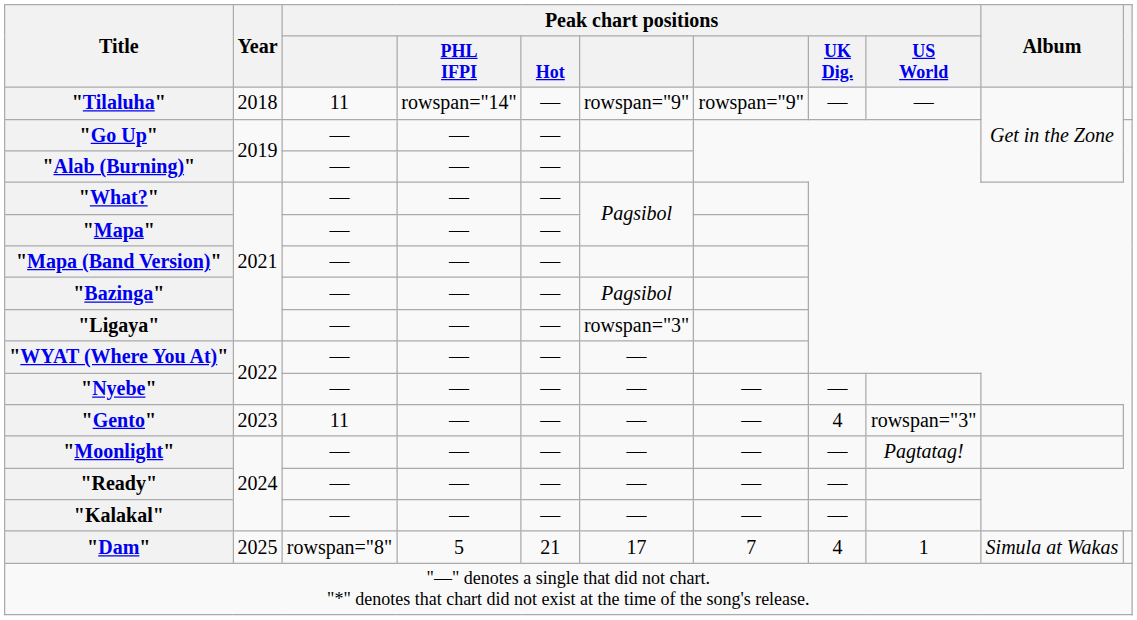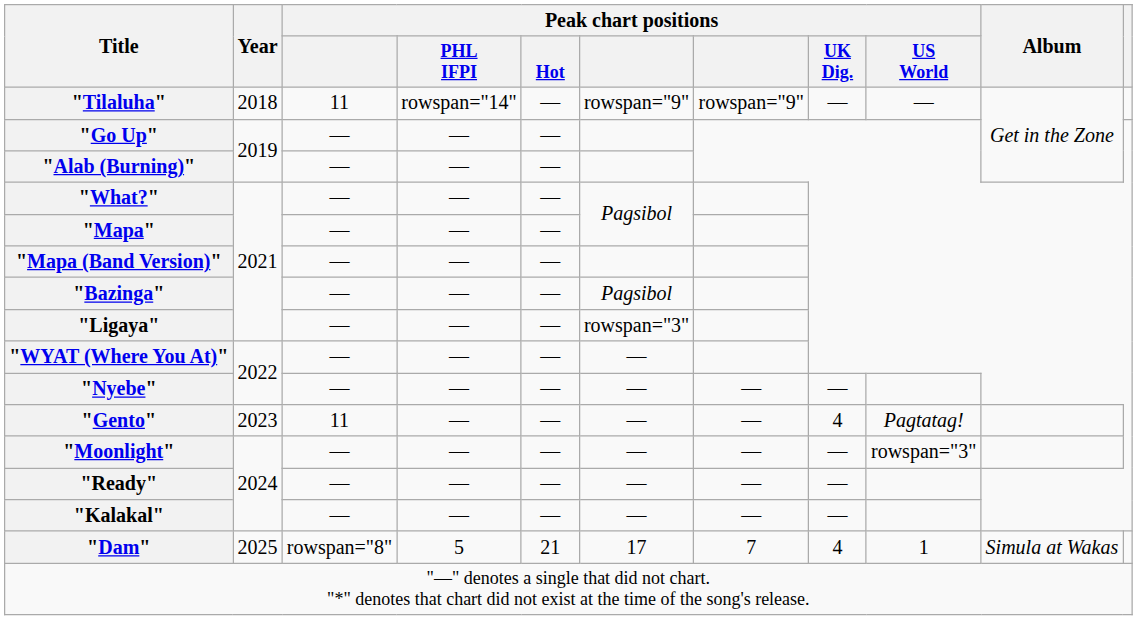 <table class="wikitable plainrowheaders" style="text-align:center;">
 <tr>
 <th scope="col" rowspan="2">Title</th>
 <th scope="col" rowspan="2">Year</th>
 <th colspan="7" scope="col">Peak chart positions</th>
 <th scope="col" rowspan="2">Album</th>
 <th scope="col" rowspan="2"></th>
 </tr>
 <tr>
 <th scope="col" style="font-size:90%; width:2.75em"><a href='#'></a><br></th>
 <th scope="col" style="font-size:90%; width:2.75em"><a href='#'>PHL<br>IFPI</a><br></th>
 <th scope="col" style="font-size:90%; width:2.75em"><a href='#'><br>Hot</a><br></th>
 <th scope="col" style="font-size:90%; width:2.75em"><a href='#'></a><br></th>
 <th scope="col" style="font-size:90%; width:2.75em"><a href='#'></a><br></th>
 <th scope="col" style="font-size:90%; width:2.75em"><a href='#'>UK<br>Dig.</a><br></th>
 <th scope="col" style="font-size:90%; width:2.75em"><a href='#'>US<br>World</a><br></th>
 </tr>
 <tr>
 <th scope="row">"<a href='#'>Tilaluha</a>"</th>
 <td>2018</td>
 <td>11</td>
 <td>rowspan="14" </td>
 <td>—</td>
 <td>rowspan="9" </td>
 <td>rowspan="9" </td>
 <td>—</td>
 <td>—</td>
 <td rowspan="3"><em>Get in the Zone</em></td>
 <td></td>
 </tr>
 <tr>
 <th scope="row">"<a href='#'>Go Up</a>"</th>
 <td rowspan="2">2019</td>
 <td>—</td>
 <td>—</td>
 <td>—</td>
 <td></td>
 </tr>
 <tr>
 <th scope="row">"<a href='#'>Alab (Burning)</a>"</th>
 <td>—</td>
 <td>—</td>
 <td>—</td>
 <td></td>
 </tr>
 <tr>
 <th scope="row">"<a href='#'>What?</a>"</th>
 <td rowspan="5">2021</td>
 <td>—</td>
 <td>—</td>
 <td>—</td>
 <td rowspan="2"><em>Pagsibol</em></td>
 <td></td>
 </tr>
 <tr>
 <th scope="row">"<a href='#'>Mapa</a>"</th>
 <td>—</td>
 <td>—</td>
 <td>—</td>
 <td></td>
 </tr>
 <tr>
 <th scope="row">"<a href='#'>Mapa (Band Version)</a>"<br></th>
 <td>—</td>
 <td>—</td>
 <td>—</td>
 <td></td>
 <td></td>
 </tr>
 <tr>
 <th scope="row">"<a href='#'>Bazinga</a>"</th>
 <td>—</td>
 <td>—</td>
 <td>—</td>
 <td><em>Pagsibol</em></td>
 <td></td>
 </tr>
 <tr>
 <th scope="row">"Ligaya"</th>
 <td>—</td>
 <td>—</td>
 <td>—</td>
 <td>rowspan="3" </td>
 <td></td>
 </tr>
 <tr>
 <th scope="row">"<a href='#'>WYAT (Where You At)</a>"</th>
 <td rowspan="2">2022</td>
 <td>—</td>
 <td>—</td>
 <td>—</td>
 <td>—</td>
 <td></td>
 </tr>
 <tr>
 <th scope="row">"<a href='#'>Nyebe</a>"</th>
 <td>—</td>
 <td>—</td>
 <td>—</td>
 <td>—</td>
 <td>—</td>
 <td>—</td>
 <td></td>
 </tr>
 <tr>
 <th scope="row">"<a href='#'>Gento</a>"</th>
 <td>2023</td>
 <td>11</td>
 <td>—</td>
 <td>—</td>
 <td>—</td>
 <td>—</td>
 <td>4</td>
-<td>rowspan="3" </td>
+<td><em>Pagtatag!</em></td>
 <td></td>
 </tr>
 <tr>
 <th scope="row">"<a href='#'>Moonlight</a>"<br></th>
 <td rowspan="3">2024</td>
 <td>—</td>
 <td>—</td>
 <td>—</td>
 <td>—</td>
 <td>—</td>
 <td>—</td>
-<td><em>Pagtatag!</em></td>
+<td>rowspan="3" </td>
 <td></td>
 </tr>
 <tr>
 <th scope="row">"Ready"<br></th>
 <td>—</td>
 <td>—</td>
 <td>—</td>
 <td>—</td>
 <td>—</td>
 <td>—</td>
 <td></td>
 </tr>
 <tr>
 <th scope="row">"Kalakal"<br></th>
 <td>—</td>
 <td>—</td>
 <td>—</td>
 <td>—</td>
 <td>—</td>
 <td>—</td>
 <td></td>
 </tr>
 <tr>
 <th scope="row">"<a href='#'>Dam</a>"</th>
 <td>2025</td>
 <td>rowspan="8" </td>
 <td>5</td>
 <td>21</td>
 <td>17</td>
 <td>7</td>
 <td>4</td>
 <td>1</td>
 <td><em>Simula at Wakas</em></td>
 <td></td>
 </tr>
 <tr>
 <td colspan="11" style="font-size:90%;">"—" denotes a single that did not chart.<br>"*" denotes that chart did not exist at the time of the song's release.</td>
 </tr>
 </table>
